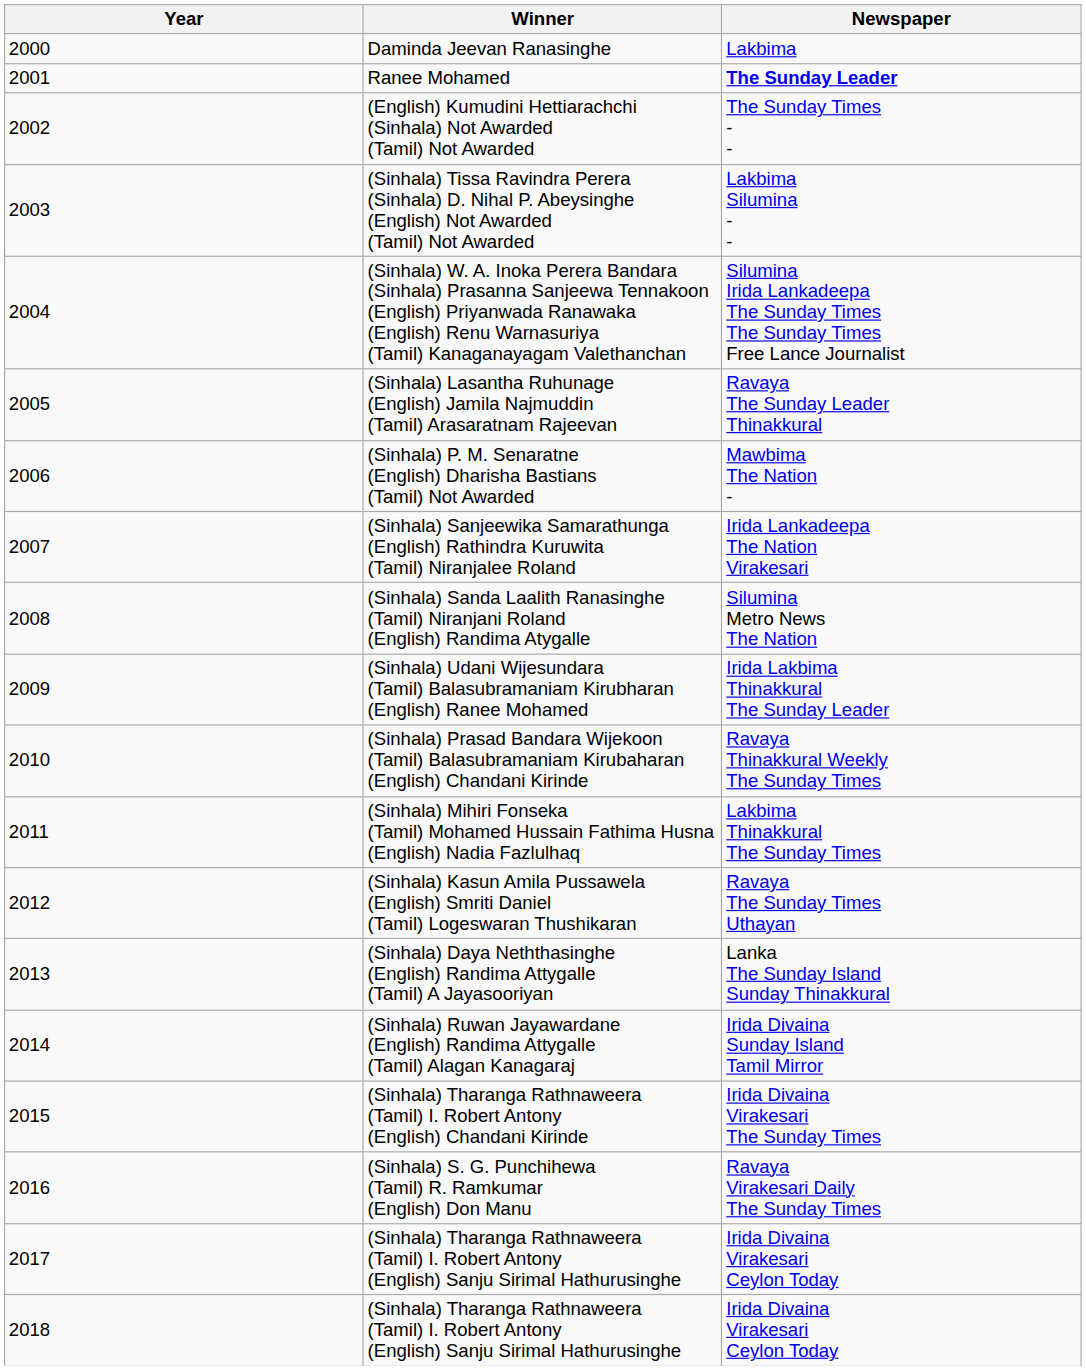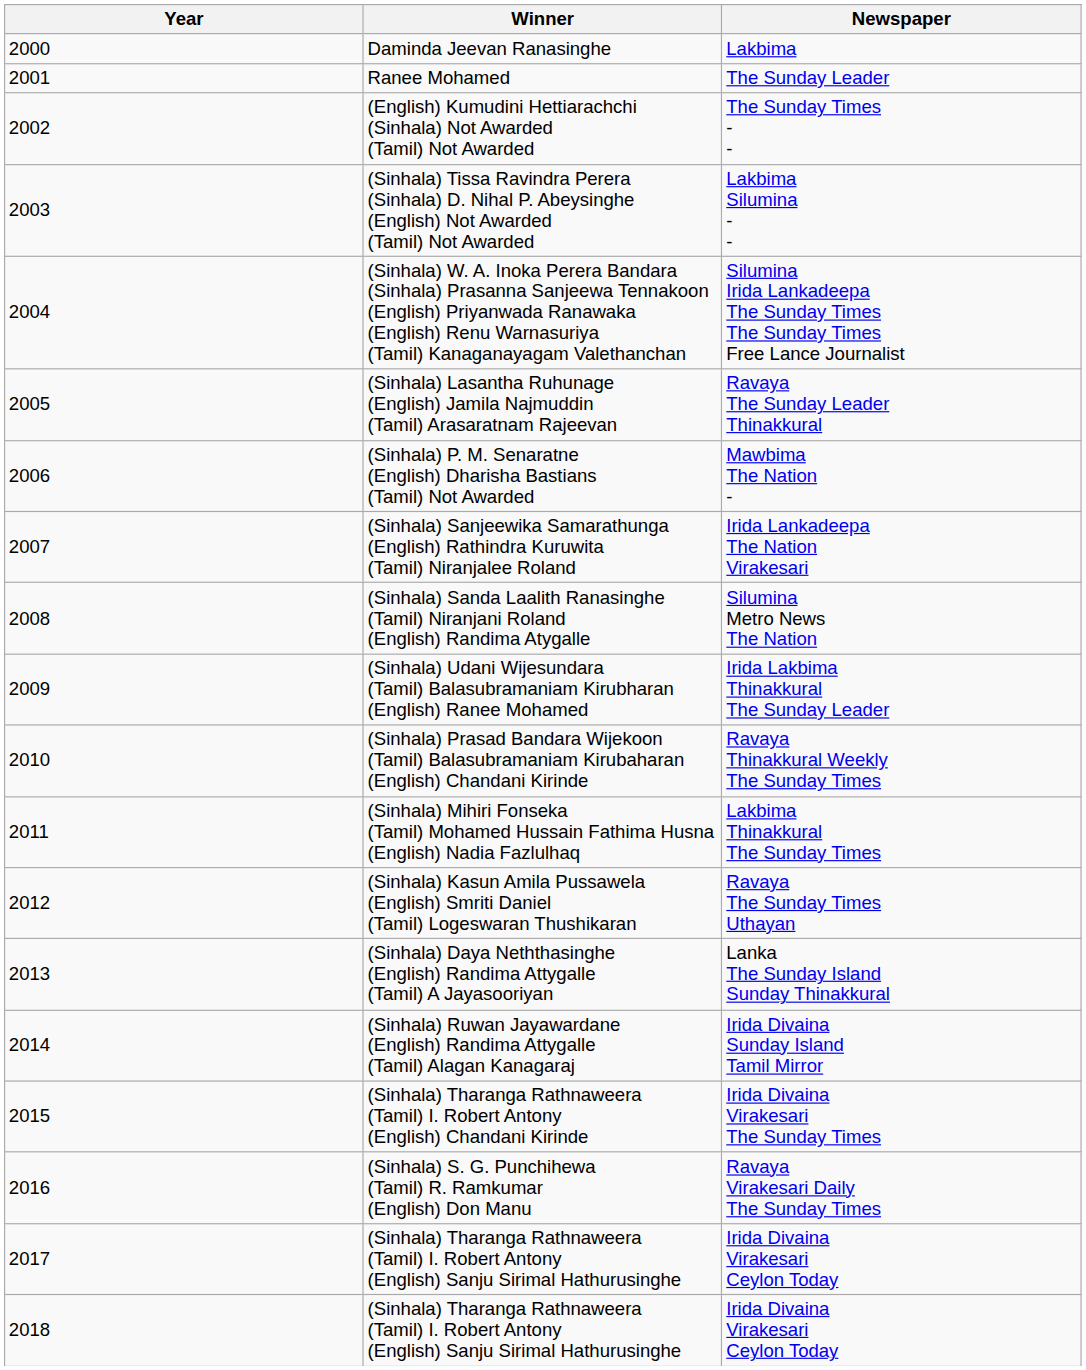 <table class="wikitable sortable mw-collapsible mw-collapsed">
 <tr>
 <th width="33%">Year</th>
 <th width="33%">Winner</th>
 <th width="33%">Newspaper</th>
 </tr>
 <tr>
 <td>2000</td>
 <td>Daminda Jeevan Ranasinghe</td>
 <td><a href='#'>Lakbima</a></td>
 </tr>
 <tr>
 <td>2001</td>
 <td>Ranee Mohamed</td>
-<td><strong><a href='#'>The Sunday Leader</a></strong></td>
+<td><a href='#'>The Sunday Leader</a></td>
 </tr>
 <tr>
 <td>2002</td>
 <td>(English) Kumudini Hettiarachchi<br>(Sinhala) Not Awarded<br>(Tamil) Not Awarded</td>
 <td><a href='#'>The Sunday Times</a><br>-<br>-</td>
 </tr>
 <tr>
 <td>2003</td>
 <td>(Sinhala) Tissa Ravindra Perera<br>(Sinhala) D. Nihal P. Abeysinghe<br>(English) Not Awarded<br>(Tamil) Not Awarded</td>
 <td><a href='#'>Lakbima</a><br><a href='#'>Silumina</a><br>-<br>-</td>
 </tr>
 <tr>
 <td>2004</td>
 <td>(Sinhala) W. A. Inoka Perera Bandara<br>(Sinhala) Prasanna Sanjeewa Tennakoon<br>(English) Priyanwada Ranawaka<br>(English) Renu Warnasuriya<br>(Tamil) Kanaganayagam Valethanchan</td>
 <td><a href='#'>Silumina</a><br><a href='#'>Irida Lankadeepa</a><br><a href='#'>The Sunday Times</a><br><a href='#'>The Sunday Times</a><br>Free Lance Journalist</td>
 </tr>
 <tr>
 <td>2005</td>
 <td>(Sinhala) Lasantha Ruhunage<br>(English) Jamila Najmuddin<br>(Tamil) Arasaratnam Rajeevan</td>
 <td><a href='#'>Ravaya</a><br><a href='#'>The Sunday Leader</a><br><a href='#'>Thinakkural</a></td>
 </tr>
 <tr>
 <td>2006</td>
 <td>(Sinhala) P. M. Senaratne<br>(English) Dharisha Bastians<br>(Tamil) Not Awarded</td>
 <td><a href='#'>Mawbima</a><br><a href='#'>The Nation</a><br>-</td>
 </tr>
 <tr>
 <td>2007</td>
 <td>(Sinhala) Sanjeewika Samarathunga<br>(English) Rathindra Kuruwita<br>(Tamil) Niranjalee Roland</td>
 <td><a href='#'>Irida Lankadeepa</a><br><a href='#'>The Nation</a><br><a href='#'>Virakesari</a></td>
 </tr>
 <tr>
 <td>2008</td>
 <td>(Sinhala) Sanda Laalith Ranasinghe<br>(Tamil) Niranjani Roland<br>(English) Randima Atygalle</td>
 <td><a href='#'>Silumina</a><br>Metro News<br><a href='#'>The Nation</a></td>
 </tr>
 <tr>
 <td>2009</td>
 <td>(Sinhala) Udani Wijesundara<br>(Tamil) Balasubramaniam Kirubharan<br>(English) Ranee Mohamed</td>
 <td><a href='#'>Irida Lakbima</a><br><a href='#'>Thinakkural</a><br><a href='#'>The Sunday Leader</a></td>
 </tr>
 <tr>
 <td>2010</td>
 <td>(Sinhala) Prasad Bandara Wijekoon<br>(Tamil) Balasubramaniam Kirubaharan<br>(English) Chandani Kirinde</td>
 <td><a href='#'>Ravaya</a><br><a href='#'>Thinakkural Weekly</a><br><a href='#'>The Sunday Times</a></td>
 </tr>
 <tr>
 <td>2011</td>
 <td>(Sinhala) Mihiri Fonseka<br>(Tamil) Mohamed Hussain Fathima Husna<br>(English) Nadia Fazlulhaq</td>
 <td><a href='#'>Lakbima</a><br><a href='#'>Thinakkural</a><br><a href='#'>The Sunday Times</a></td>
 </tr>
 <tr>
 <td>2012</td>
 <td>(Sinhala) Kasun Amila Pussawela<br>(English) Smriti Daniel<br>(Tamil) Logeswaran Thushikaran</td>
 <td><a href='#'>Ravaya</a><br><a href='#'>The Sunday Times</a><br><a href='#'>Uthayan</a></td>
 </tr>
 <tr>
 <td>2013</td>
 <td>(Sinhala) Daya Neththasinghe<br>(English) Randima Attygalle<br>(Tamil) A Jayasooriyan</td>
 <td>Lanka<br><a href='#'>The Sunday Island</a><br><a href='#'>Sunday Thinakkural</a></td>
 </tr>
 <tr>
 <td>2014</td>
 <td>(Sinhala) Ruwan Jayawardane<br>(English) Randima Attygalle<br>(Tamil) Alagan Kanagaraj</td>
 <td><a href='#'>Irida Divaina</a><br><a href='#'>Sunday Island</a><br><a href='#'>Tamil Mirror</a></td>
 </tr>
 <tr>
 <td>2015</td>
 <td>(Sinhala) Tharanga Rathnaweera<br>(Tamil) I. Robert Antony<br>(English) Chandani Kirinde</td>
 <td><a href='#'>Irida Divaina</a><br><a href='#'>Virakesari</a><br><a href='#'>The Sunday Times</a></td>
 </tr>
 <tr>
 <td>2016</td>
 <td>(Sinhala) S. G. Punchihewa<br>(Tamil) R. Ramkumar<br>(English) Don Manu</td>
 <td><a href='#'>Ravaya</a><br><a href='#'>Virakesari Daily</a><br><a href='#'>The Sunday Times</a></td>
 </tr>
 <tr>
 <td>2017</td>
 <td>(Sinhala) Tharanga Rathnaweera<br>(Tamil) I. Robert Antony<br>(English) Sanju Sirimal Hathurusinghe</td>
 <td><a href='#'>Irida Divaina</a><br><a href='#'>Virakesari</a><br><a href='#'>Ceylon Today</a></td>
 </tr>
 <tr>
 <td>2018</td>
 <td>(Sinhala) Tharanga Rathnaweera<br>(Tamil) I. Robert Antony<br>(English) Sanju Sirimal Hathurusinghe</td>
 <td><a href='#'>Irida Divaina</a><br><a href='#'>Virakesari</a><br><a href='#'>Ceylon Today</a></td>
 </tr>
 </table>
